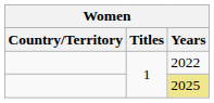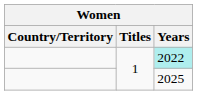 <table class="wikitable">
 <tr>
 <th colspan=3>Women</th>
 </tr>
 <tr>
 <th>Country/Territory</th>
 <th>Titles</th>
 <th>Years</th>
 </tr>
 <tr>
 <td></td>
 <td rowspan="2" style="text-align:center;">1</td>
-<td>2022</td>
+<td style="background: paleturquoise;">2022</td>
 </tr>
 <tr>
 <td></td>
-<td style="background: khaki;">2025</td>
+<td>2025</td>
 </tr>
 </table>
